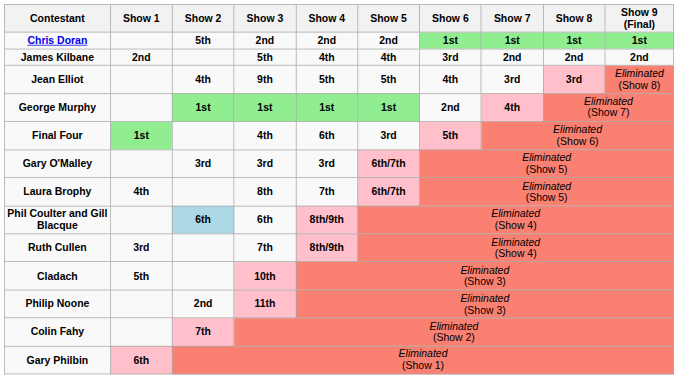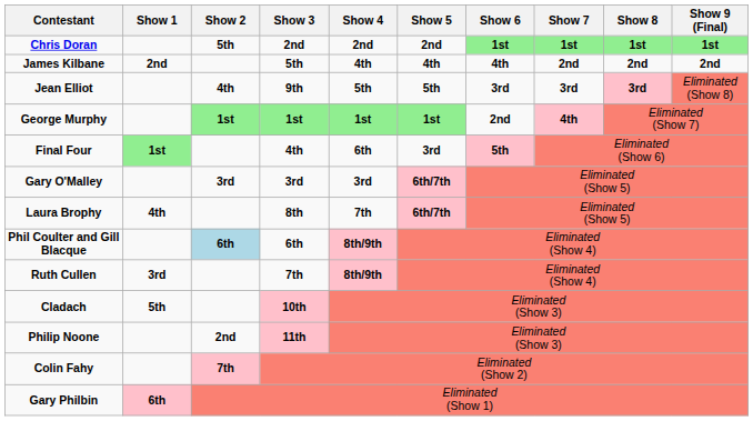 <table class="wikitable" style="text-align:center; font-size:85%">
 <tr>
 <th style="width:12%"><strong>Contestant</strong></th>
 <th style="width:7%">Show 1</th>
 <th style="width:7%">Show 2</th>
 <th style="width:7%">Show 3</th>
 <th style="width:7%">Show 4</th>
 <th style="width:7%">Show 5</th>
 <th style="width:7%">Show 6</th>
 <th style="width:7%">Show 7</th>
 <th style="width:7%">Show 8</th>
 <th style="width:7%">Show 9<br>(Final)</th>
 </tr>
 <tr>
 <td><strong><a href='#'>Chris Doran</a></strong></td>
 <td></td>
 <td><strong>5th</strong></td>
 <td><strong>2nd</strong></td>
 <td><strong>2nd</strong></td>
 <td><strong>2nd</strong></td>
 <td style="background:lightgreen"><strong>1st</strong></td>
 <td style="background:lightgreen"><strong>1st</strong></td>
 <td style="background:lightgreen"><strong>1st</strong></td>
 <td style="background:lightgreen"><strong>1st</strong></td>
 </tr>
 <tr>
 <td><strong>James Kilbane</strong></td>
 <td><strong>2nd</strong></td>
 <td></td>
 <td><strong>5th</strong></td>
 <td><strong>4th</strong></td>
 <td><strong>4th</strong></td>
-<td><strong>3rd</strong></td>
+<td><strong>4th</strong></td>
 <td><strong>2nd</strong></td>
 <td><strong>2nd</strong></td>
 <td><strong>2nd</strong></td>
 </tr>
 <tr>
 <td><strong>Jean Elliot</strong></td>
 <td></td>
 <td><strong>4th</strong></td>
 <td><strong>9th</strong></td>
 <td><strong>5th</strong></td>
 <td><strong>5th</strong></td>
-<td><strong>4th</strong></td>
+<td><strong>3rd</strong></td>
 <td><strong>3rd</strong></td>
 <td style="background:pink"><strong>3rd</strong></td>
 <td style="background:#FA8072"><em>Eliminated</em><br>(Show 8)</td>
 </tr>
 <tr>
 <td><strong>George Murphy</strong></td>
 <td></td>
 <td style="background:lightgreen"><strong>1st</strong></td>
 <td style="background:lightgreen"><strong>1st</strong></td>
 <td style="background:lightgreen"><strong>1st</strong></td>
 <td style="background:lightgreen"><strong>1st</strong></td>
 <td><strong>2nd</strong></td>
 <td style="background:pink"><strong>4th</strong></td>
 <td colspan="2" style="background:#FA8072"><em>Eliminated</em><br>(Show 7)</td>
 </tr>
 <tr>
 <td><strong>Final Four</strong></td>
 <td style="background:lightgreen"><strong>1st</strong></td>
 <td></td>
 <td><strong>4th</strong></td>
 <td><strong>6th</strong></td>
 <td><strong>3rd</strong></td>
 <td style="background:pink"><strong>5th</strong></td>
 <td colspan="3" style="background:#FA8072"><em>Eliminated</em><br>(Show 6)</td>
 </tr>
 <tr>
 <td><strong>Gary O'Malley</strong></td>
 <td></td>
 <td><strong>3rd</strong></td>
 <td><strong>3rd</strong></td>
 <td><strong>3rd</strong></td>
 <td style="background:pink"><strong>6th/7th</strong></td>
 <td colspan="4" style="background:#FA8072"><em>Eliminated</em><br>(Show 5)</td>
 </tr>
 <tr>
 <td><strong>Laura Brophy</strong></td>
 <td><strong>4th</strong></td>
 <td></td>
 <td><strong>8th</strong></td>
 <td><strong>7th</strong></td>
 <td style="background:pink"><strong>6th/7th</strong></td>
 <td colspan="4" style="background:#FA8072"><em>Eliminated</em><br>(Show 5)</td>
 </tr>
 <tr>
 <td><strong>Phil Coulter and Gill Blacque</strong></td>
 <td></td>
 <td style="background: lightblue;"><strong>6th</strong></td>
 <td><strong>6th</strong></td>
 <td style="background:pink"><strong>8th/9th</strong></td>
 <td colspan="5" style="background:#FA8072"><em>Eliminated</em><br>(Show 4)</td>
 </tr>
 <tr>
 <td><strong>Ruth Cullen</strong></td>
 <td><strong>3rd</strong></td>
 <td></td>
 <td><strong>7th</strong></td>
 <td style="background:pink"><strong>8th/9th</strong></td>
 <td colspan="5" style="background:#FA8072"><em>Eliminated</em><br>(Show 4)</td>
 </tr>
 <tr>
 <td><strong>Cladach</strong></td>
 <td><strong>5th</strong></td>
 <td></td>
 <td style="background:pink"><strong>10th</strong></td>
 <td colspan="6" style="background:#FA8072"><em>Eliminated</em><br>(Show 3)</td>
 </tr>
 <tr>
 <td><strong>Philip Noone</strong></td>
 <td></td>
 <td><strong>2nd</strong></td>
 <td style="background:pink"><strong>11th</strong></td>
 <td colspan="6" style="background:#FA8072"><em>Eliminated</em><br>(Show 3)</td>
 </tr>
 <tr>
 <td><strong>Colin Fahy</strong></td>
 <td></td>
 <td style="background:pink"><strong>7th</strong></td>
 <td colspan="7" style="background:#FA8072"><em>Eliminated</em><br>(Show 2)</td>
 </tr>
 <tr>
 <td><strong>Gary Philbin</strong></td>
 <td style="background:pink"><strong>6th</strong></td>
 <td colspan="8" style="background:#FA8072"><em>Eliminated</em><br>(Show 1)</td>
 </tr>
 </table>
